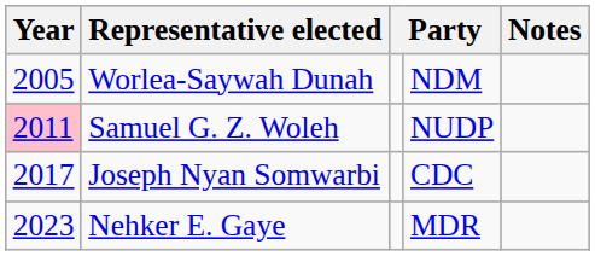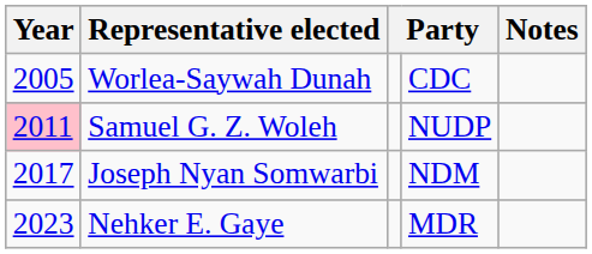 <table class="wikitable">
 <tr>
 <th>Year</th>
 <th>Representative elected</th>
 <th colspan=2>Party</th>
 <th>Notes</th>
 </tr>
 <tr>
 <td><a href='#'>2005</a></td>
 <td><a href='#'>Worlea-Saywah Dunah</a></td>
 <td></td>
-<td><a href='#'>NDM</a></td>
+<td><a href='#'>CDC</a></td>
 <td></td>
 </tr>
 <tr>
 <td style="background: pink;"><a href='#'>2011</a></td>
 <td><a href='#'>Samuel G. Z. Woleh</a></td>
 <td></td>
 <td><a href='#'>NUDP</a></td>
 <td></td>
 </tr>
 <tr>
 <td><a href='#'>2017</a></td>
 <td><a href='#'>Joseph Nyan Somwarbi</a></td>
 <td></td>
-<td><a href='#'>CDC</a></td>
+<td><a href='#'>NDM</a></td>
 <td></td>
 </tr>
 <tr>
 <td><a href='#'>2023</a></td>
 <td><a href='#'>Nehker E. Gaye</a></td>
 <td></td>
 <td><a href='#'>MDR</a></td>
 <td></td>
 </tr>
 </table>
